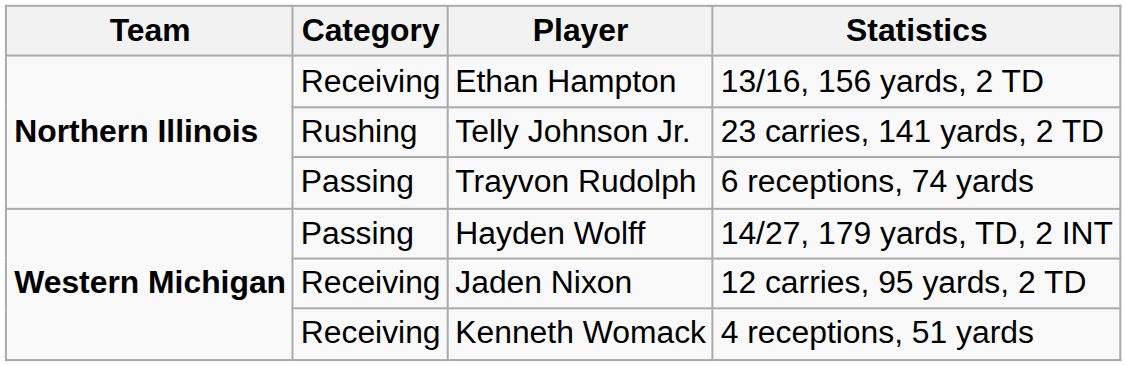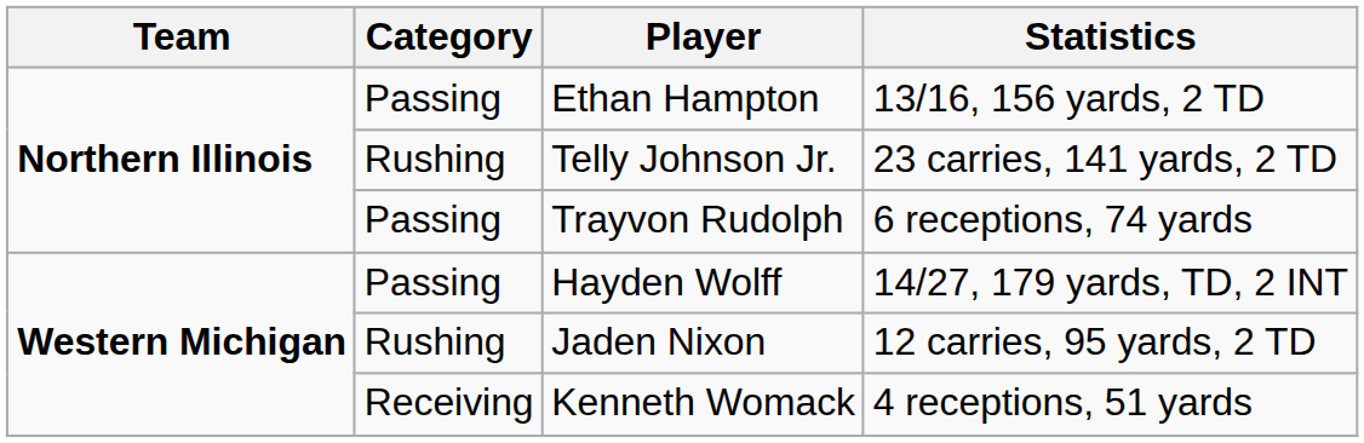 <table class="wikitable" style="float: right;">
 <tr>
 <th>Team</th>
 <th>Category</th>
 <th>Player</th>
 <th>Statistics</th>
 </tr>
 <tr>
 <td rowspan=3><strong>Northern Illinois</strong></td>
-<td>Receiving</td>
+<td>Passing</td>
 <td>Ethan Hampton</td>
 <td>13/16, 156 yards, 2 TD</td>
 </tr>
 <tr>
 <td>Rushing</td>
 <td>Telly Johnson Jr.</td>
 <td>23 carries, 141 yards, 2 TD</td>
 </tr>
 <tr>
 <td>Passing</td>
 <td>Trayvon Rudolph</td>
 <td>6 receptions, 74 yards</td>
 </tr>
 <tr>
 <td rowspan=3><strong>Western Michigan</strong></td>
 <td>Passing</td>
 <td>Hayden Wolff</td>
 <td>14/27, 179 yards, TD, 2 INT</td>
 </tr>
 <tr>
-<td>Receiving</td>
+<td>Rushing</td>
 <td>Jaden Nixon</td>
 <td>12 carries, 95 yards, 2 TD</td>
 </tr>
 <tr>
 <td>Receiving</td>
 <td>Kenneth Womack</td>
 <td>4 receptions, 51 yards</td>
 </tr>
 </table>
